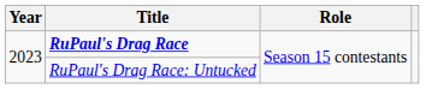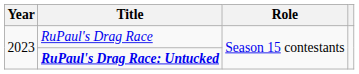 <table class="wikitable">
 <tr>
 <th>Year</th>
 <th>Title</th>
 <th>Role</th>
 <th style="text-align: center;" class="unsortable"></th>
 </tr>
 <tr>
 <td rowspan="2">2023</td>
-<td><strong><em><a href='#'>RuPaul's Drag Race</a></em></strong></td>
+<td><em><a href='#'>RuPaul's Drag Race</a></em></td>
 <td rowspan="2"><a href='#'>Season 15</a> contestants</td>
 <td rowspan="2"></td>
 </tr>
 <tr>
-<td><em><a href='#'>RuPaul's Drag Race: Untucked</a></em></td>
+<td><strong><em><a href='#'>RuPaul's Drag Race: Untucked</a></em></strong></td>
 </tr>
 </table>
